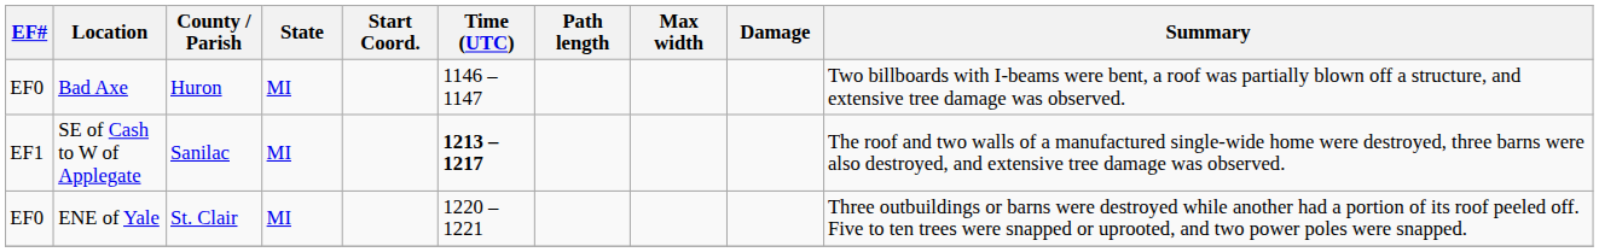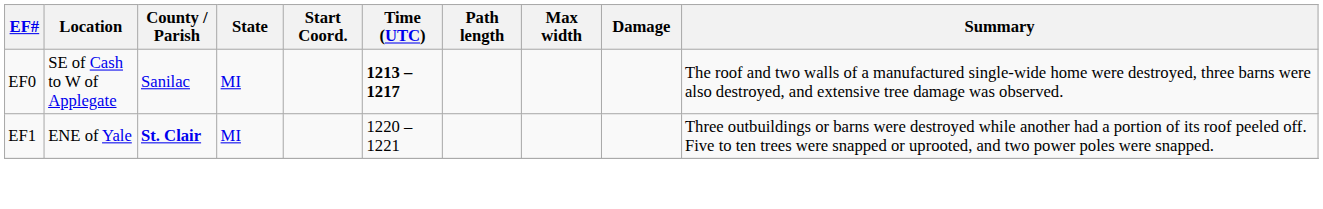 <table class="wikitable sortable" style="width:100%;">
 <tr>
 <th scope="col"  style="width:3%; text-align:center;"><a href='#'>EF#</a></th>
 <th scope="col"  style="width:7%; text-align:center;" class="unsortable">Location</th>
 <th scope="col"  style="width:6%; text-align:center;" class="unsortable">County / Parish</th>
 <th scope="col"  style="width:5%; text-align:center;">State</th>
 <th scope="col"  style="width:6%; text-align:center;">Start Coord.</th>
 <th scope="col"  style="width:6%; text-align:center;">Time (<a href='#'>UTC</a>)</th>
 <th scope="col"  style="width:6%; text-align:center;">Path length</th>
 <th scope="col"  style="width:6%; text-align:center;">Max width</th>
 <th scope="col"  style="width:6%; text-align:center;">Damage</th>
 <th scope="col" class="unsortable" style="width:48%; text-align:center;">Summary</th>
 </tr>
 <tr>
 <td>EF0</td>
-<td><a href='#'>Bad Axe</a></td>
-<td><a href='#'>Huron</a></td>
-<td><a href='#'>MI</a></td>
-<td></td>
-<td>1146 – 1147</td>
-<td></td>
-<td></td>
-<td></td>
-<td>Two billboards with I-beams were bent, a roof was partially blown off a structure, and extensive tree damage was observed.</td>
-</tr>
-<tr>
-<td>EF1</td>
 <td>SE of <a href='#'>Cash</a> to W of <a href='#'>Applegate</a></td>
 <td><a href='#'>Sanilac</a></td>
 <td><a href='#'>MI</a></td>
 <td></td>
 <td><strong>1213 – 1217</strong></td>
 <td></td>
 <td></td>
 <td></td>
 <td>The roof and two walls of a manufactured single-wide home were destroyed, three barns were also destroyed, and extensive tree damage was observed.</td>
 </tr>
 <tr>
-<td>EF0</td>
+<td>EF1</td>
 <td>ENE of <a href='#'>Yale</a></td>
-<td><a href='#'>St. Clair</a></td>
+<td><strong><a href='#'>St. Clair</a></strong></td>
 <td><a href='#'>MI</a></td>
 <td></td>
 <td>1220 – 1221</td>
 <td></td>
 <td></td>
 <td></td>
 <td>Three outbuildings or barns were destroyed while another had a portion of its roof peeled off. Five to ten trees were snapped or uprooted, and two power poles were snapped.</td>
 </tr>
 <tr>
 </tr>
 </table>
